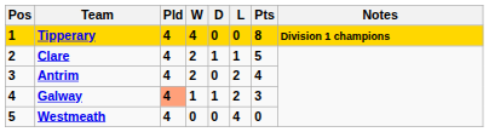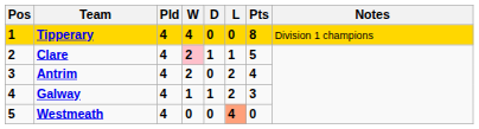 <table class="wikitable" style="text-align: centre;">
 <tr>
 <th width=20>Pos</th>
 <th width=150>Team</th>
 <th width=20>Pld</th>
 <th width=20>W</th>
 <th width=20>D</th>
 <th width=20>L</th>
 <th width=20>Pts</th>
 <th width=250>Notes</th>
 </tr>
 <tr style="background:gold;">
 <td><strong>1</strong></td>
 <td align=left><strong> <a href='#'>Tipperary</a> </strong></td>
 <td><strong>4</strong></td>
 <td><strong>4</strong></td>
 <td><strong>0</strong></td>
 <td><strong>0</strong></td>
 <td><strong>8</strong></td>
-<td><strong><small> Division 1 champions</small></strong></td>
+<td><small> Division 1 champions</small></td>
 </tr>
 <tr style>
 <td><strong>2</strong></td>
 <td align=left><strong> <a href='#'>Clare</a> </strong></td>
 <td><strong>4</strong></td>
-<td><strong>2</strong></td>
+<td style="background: pink;"><strong>2</strong></td>
 <td><strong>1</strong></td>
 <td><strong>1</strong></td>
 <td><strong>5</strong></td>
 </tr>
 <tr>
 <td><strong>3</strong></td>
 <td align=left><strong> <a href='#'>Antrim</a> </strong></td>
 <td><strong>4</strong></td>
 <td><strong>2</strong></td>
 <td><strong>0</strong></td>
 <td><strong>2</strong></td>
 <td><strong>4</strong></td>
 </tr>
 <tr style>
 <td><strong>4</strong></td>
 <td align=left><strong> <a href='#'>Galway</a> </strong></td>
-<td style="background: lightsalmon;"><strong>4</strong></td>
+<td><strong>4</strong></td>
 <td><strong>1</strong></td>
 <td><strong>1</strong></td>
 <td><strong>2</strong></td>
 <td><strong>3</strong></td>
 </tr>
 <tr>
 <td><strong>5</strong></td>
 <td align=left><strong> <a href='#'>Westmeath</a> </strong></td>
 <td><strong>4</strong></td>
 <td><strong>0</strong></td>
 <td><strong>0</strong></td>
-<td><strong>4</strong></td>
+<td style="background: lightsalmon;"><strong>4</strong></td>
 <td><strong>0</strong></td>
 </tr>
 </table>
